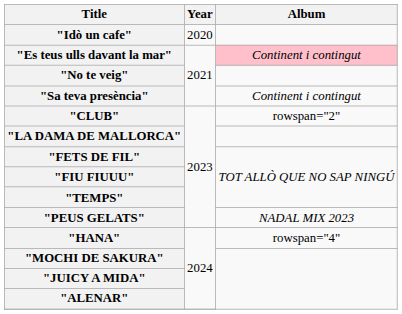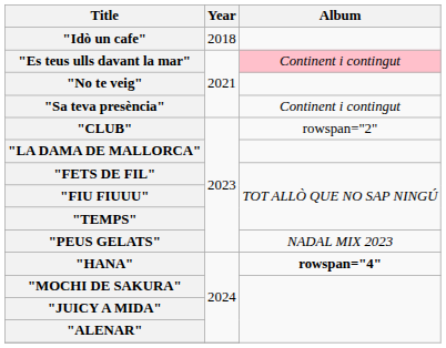 <table class="wikitable plainrowheaders" style="text-align:center">
 <tr>
 <th scope="col">Title</th>
 <th>Year</th>
 <th scope="col">Album</th>
 </tr>
 <tr>
 <th scope="row">"Idò un cafe"</th>
-<td>2020</td>
+<td>2018</td>
 <td></td>
 </tr>
 <tr>
 <th scope="row">"Es teus ulls davant la mar"</th>
 <td rowspan="3">2021</td>
 <td style="background: pink;"><em>Continent i contingut</em></td>
 </tr>
 <tr>
 <th scope="row">"No te veig"</th>
 <td></td>
 </tr>
 <tr>
 <th scope="row">"Sa teva presència"</th>
 <td><em>Continent i contingut</em></td>
 </tr>
 <tr>
 <th scope="row">"CLUB"<br></th>
 <td rowspan="6">2023</td>
 <td>rowspan="2" </td>
 </tr>
 <tr>
 <th scope="row">"LA DAMA DE MALLORCA"</th>
 </tr>
 <tr>
 <th scope="row">"FETS DE FIL"</th>
 <td rowspan="3"><em>TOT ALLÒ QUE NO SAP NINGÚ</em></td>
 </tr>
 <tr>
 <th scope="row">"FIU FIUUU"</th>
 </tr>
 <tr>
 <th scope="row">"TEMPS"<br></th>
 </tr>
 <tr>
 <th scope="row">"PEUS GELATS"<br></th>
 <td><em>NADAL MIX 2023</em></td>
 </tr>
 <tr>
 <th scope="row">"HANA"</th>
 <td rowspan="4">2024</td>
-<td>rowspan="4" </td>
+<td><strong>rowspan="4" </strong></td>
 </tr>
 <tr>
 <th scope="row">"MOCHI DE SAKURA"<br></th>
 </tr>
 <tr>
 <th scope="row">"JUICY A MIDA"<br></th>
 </tr>
 <tr>
 <th scope="row">"ALENAR"<br></th>
 </tr>
 <tr>
 </tr>
 </table>
